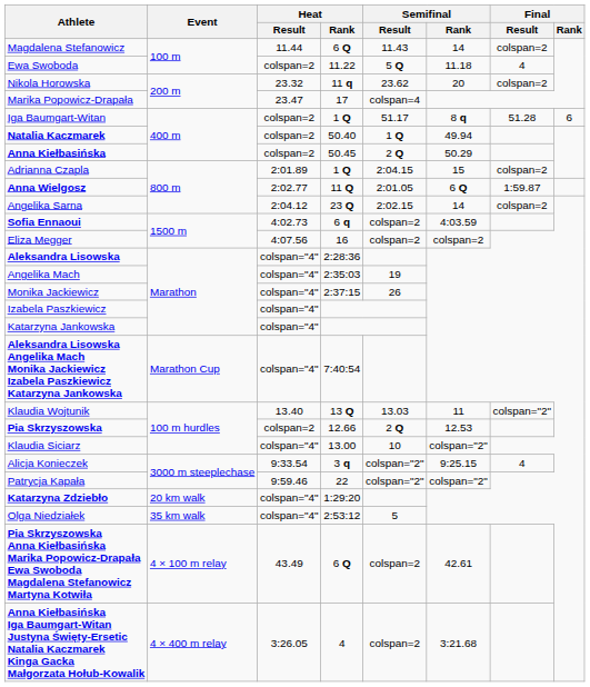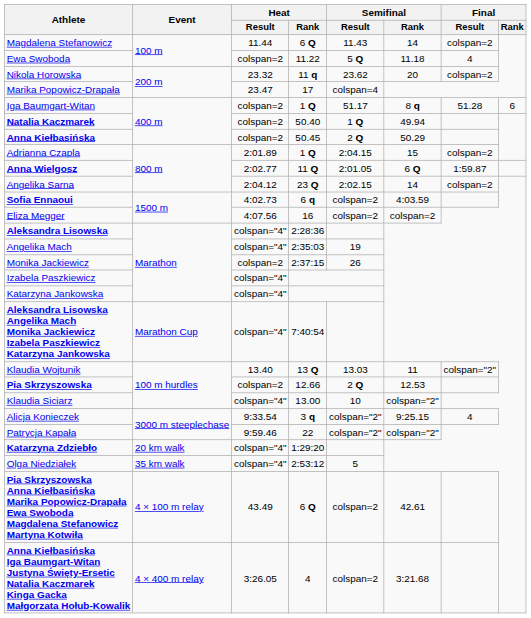 <table class="wikitable" style="font-size:90%">
 <tr>
 <th rowspan="2">Athlete</th>
 <th rowspan="2">Event</th>
 <th colspan="2">Heat</th>
 <th colspan="2">Semifinal</th>
 <th colspan="2">Final</th>
 </tr>
 <tr style="font-size:95%">
 <th>Result</th>
 <th>Rank</th>
 <th>Result</th>
 <th>Rank</th>
 <th>Result</th>
 <th>Rank</th>
 </tr>
 <tr align=center>
 <td align=left><a href='#'>Magdalena Stefanowicz</a></td>
 <td align=left rowspan=2><a href='#'>100 m</a></td>
 <td>11.44</td>
 <td>6 <strong>Q</strong></td>
 <td>11.43</td>
 <td>14</td>
 <td>colspan=2 </td>
 </tr>
 <tr align=center>
 <td align=left><a href='#'>Ewa Swoboda</a></td>
 <td>colspan=2 </td>
 <td>11.22</td>
 <td>5 <strong>Q</strong></td>
 <td>11.18</td>
 <td>4</td>
 </tr>
 <tr align=center>
 <td align=left><a href='#'>Nikola Horowska</a></td>
 <td align=left rowspan=2><a href='#'>200 m</a></td>
 <td>23.32</td>
 <td>11 <strong>q</strong></td>
 <td>23.62</td>
 <td>20</td>
 <td>colspan=2 </td>
 </tr>
 <tr align=center>
 <td align=left><a href='#'>Marika Popowicz-Drapała</a></td>
 <td>23.47</td>
 <td>17</td>
 <td>colspan=4 </td>
 </tr>
 <tr align=center>
 <td align=left><a href='#'>Iga Baumgart-Witan</a></td>
 <td align=left rowspan=3><a href='#'>400 m</a></td>
 <td>colspan=2 </td>
 <td>1 <strong>Q</strong></td>
 <td>51.17</td>
 <td>8 <strong>q</strong></td>
 <td>51.28</td>
 <td>6</td>
 </tr>
 <tr align=center>
 <td align=left><strong><a href='#'>Natalia Kaczmarek</a></strong></td>
 <td>colspan=2 </td>
 <td>50.40</td>
 <td>1 <strong>Q</strong></td>
 <td>49.94</td>
 <td></td>
 </tr>
 <tr align=center>
 <td align=left><strong><a href='#'>Anna Kiełbasińska</a></strong></td>
 <td>colspan=2 </td>
 <td>50.45</td>
 <td>2 <strong>Q</strong></td>
 <td>50.29</td>
 <td></td>
 </tr>
 <tr align=center>
 <td align=left><a href='#'>Adrianna Czapla</a></td>
 <td align=left rowspan=3><a href='#'>800 m</a></td>
 <td>2:01.89</td>
 <td>1 <strong>Q</strong></td>
 <td>2:04.15</td>
 <td>15</td>
 <td>colspan=2 </td>
 </tr>
 <tr align=center>
 <td align=left><strong><a href='#'>Anna Wielgosz</a></strong></td>
 <td>2:02.77</td>
 <td>11 <strong>Q</strong></td>
 <td>2:01.05</td>
 <td>6 <strong>Q</strong></td>
 <td>1:59.87</td>
 <td></td>
 </tr>
 <tr align=center>
 <td align=left><a href='#'>Angelika Sarna</a></td>
 <td>2:04.12</td>
 <td>23 <strong>Q</strong></td>
 <td>2:02.15</td>
 <td>14</td>
 <td>colspan=2 </td>
 </tr>
 <tr align=center>
 <td align=left><strong><a href='#'>Sofia Ennaoui</a></strong></td>
 <td align=left rowspan=2><a href='#'>1500 m</a></td>
 <td>4:02.73</td>
 <td>6 <strong>q</strong></td>
 <td>colspan=2 </td>
 <td>4:03.59</td>
 <td></td>
 </tr>
 <tr align=center>
 <td align=left><a href='#'>Eliza Megger</a></td>
 <td>4:07.56</td>
 <td>16</td>
 <td>colspan=2 </td>
 <td>colspan=2 </td>
 </tr>
 <tr align=center>
 <td align=left><strong><a href='#'>Aleksandra Lisowska</a></strong></td>
 <td align=left rowspan=5><a href='#'>Marathon</a></td>
 <td>colspan="4" </td>
 <td>2:28:36 </td>
 <td></td>
 </tr>
 <tr align=center>
 <td align=left><a href='#'>Angelika Mach</a></td>
 <td>colspan="4" </td>
 <td>2:35:03 </td>
 <td>19</td>
 </tr>
 <tr align=center>
 <td align=left><a href='#'>Monika Jackiewicz</a></td>
-<td>colspan="4" </td>
+<td>colspan=2 </td>
 <td>2:37:15</td>
 <td>26</td>
 </tr>
 <tr align=center>
 <td align=left><a href='#'>Izabela Paszkiewicz</a></td>
 <td>colspan="4" </td>
 <td colspan="2"></td>
 </tr>
 <tr align=center>
 <td align=left><a href='#'>Katarzyna Jankowska</a></td>
 <td>colspan="4" </td>
 <td colspan="2"></td>
 </tr>
 <tr align=center>
 <td align=left><strong><a href='#'>Aleksandra Lisowska</a><br><a href='#'>Angelika Mach</a><br><a href='#'>Monika Jackiewicz</a><br><a href='#'>Izabela Paszkiewicz</a><br><a href='#'>Katarzyna Jankowska</a></strong></td>
 <td align=left><a href='#'>Marathon Cup</a></td>
 <td>colspan="4" </td>
 <td>7:40:54</td>
 <td></td>
 </tr>
 <tr align=center>
 <td align=left><a href='#'>Klaudia Wojtunik</a></td>
 <td align=left  rowspan=3><a href='#'>100 m hurdles</a></td>
 <td>13.40</td>
 <td>13 <strong>Q</strong></td>
 <td>13.03</td>
 <td>11</td>
 <td>colspan="2" </td>
 </tr>
 <tr align=center>
 <td align=left><strong><a href='#'>Pia Skrzyszowska</a></strong></td>
 <td>colspan=2 </td>
 <td>12.66</td>
 <td>2 <strong>Q</strong></td>
 <td>12.53</td>
 <td></td>
 </tr>
 <tr align=center>
 <td align=left><a href='#'>Klaudia Siciarz</a></td>
 <td>colspan="4" </td>
 <td>13.00</td>
 <td>10</td>
 <td>colspan="2" </td>
 </tr>
 <tr align=center>
 <td align=left><a href='#'>Alicja Konieczek</a></td>
 <td align=left rowspan=2><a href='#'>3000 m steeplechase</a></td>
 <td>9:33.54 </td>
 <td>3 <strong>q</strong></td>
 <td>colspan="2" </td>
 <td>9:25.15 </td>
 <td>4</td>
 </tr>
 <tr align=center>
 <td align=left><a href='#'>Patrycja Kapała</a></td>
 <td>9:59.46</td>
 <td>22</td>
 <td>colspan="2" </td>
 <td>colspan="2" </td>
 </tr>
 <tr align=center>
 <td align=left><strong><a href='#'>Katarzyna Zdziebło</a></strong></td>
 <td align=left><a href='#'>20 km walk</a></td>
 <td>colspan="4" </td>
 <td>1:29:20</td>
 <td></td>
 </tr>
 <tr align=center>
 <td align=left><a href='#'>Olga Niedziałek</a></td>
 <td align=left><a href='#'>35 km walk</a></td>
 <td>colspan="4" </td>
 <td>2:53:12</td>
 <td>5</td>
 </tr>
 <tr align=center>
 <td align=left><strong><a href='#'>Pia Skrzyszowska</a> <br> <a href='#'>Anna Kiełbasińska</a><br> <a href='#'>Marika Popowicz-Drapała</a><br> <a href='#'>Ewa Swoboda</a><br> <a href='#'>Magdalena Stefanowicz</a> <br><a href='#'>Martyna Kotwiła</a></strong></td>
 <td align=left><a href='#'>4 × 100 m relay</a></td>
 <td>43.49</td>
 <td>6 <strong>Q</strong></td>
 <td>colspan=2 </td>
 <td>42.61 </td>
 <td></td>
 </tr>
 <tr align=center>
 <td align=left><strong><a href='#'>Anna Kiełbasińska</a><br> <a href='#'>Iga Baumgart-Witan</a><br> <a href='#'>Justyna Święty-Ersetic</a><br> <a href='#'>Natalia Kaczmarek</a><br><a href='#'>Kinga Gacka</a><br> <a href='#'>Małgorzata Hołub-Kowalik</a></strong></td>
 <td align=left><a href='#'>4 × 400 m relay</a></td>
 <td>3:26.05 </td>
 <td>4</td>
 <td>colspan=2 </td>
 <td>3:21.68 </td>
 <td></td>
 </tr>
 </table>
